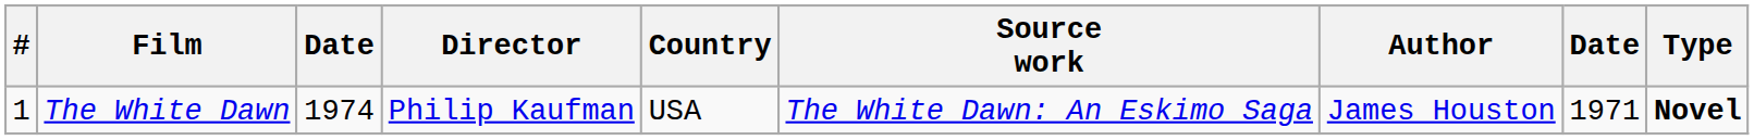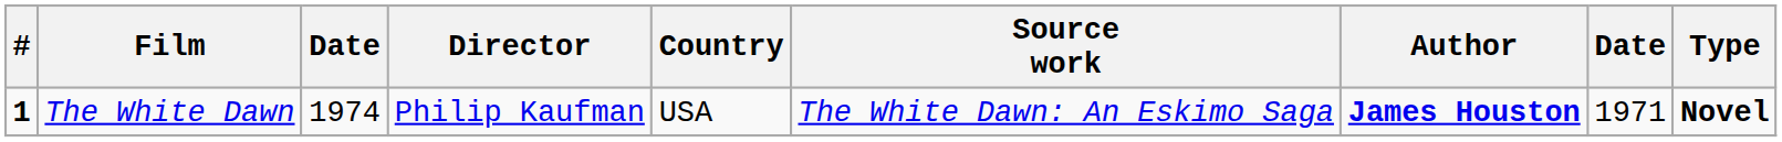 <table class="wikitable">
 <tr>
 <th>#</th>
 <th>Film</th>
 <th>Date</th>
 <th>Director</th>
 <th>Country</th>
 <th>Source<br>work</th>
 <th>Author</th>
 <th>Date</th>
 <th>Type</th>
 </tr>
 <tr>
-<td>1</td>
+<td><strong>1</strong></td>
 <td><em><a href='#'>The White Dawn</a></em></td>
 <td>1974</td>
 <td><a href='#'>Philip Kaufman</a></td>
 <td>USA</td>
 <td><em><a href='#'>The White Dawn: An Eskimo Saga</a></em></td>
-<td><a href='#'>James Houston</a></td>
+<td><strong><a href='#'>James Houston</a></strong></td>
 <td>1971</td>
 <td><strong>Novel</strong></td>
 </tr>
 <tr>
 </tr>
 </table>
